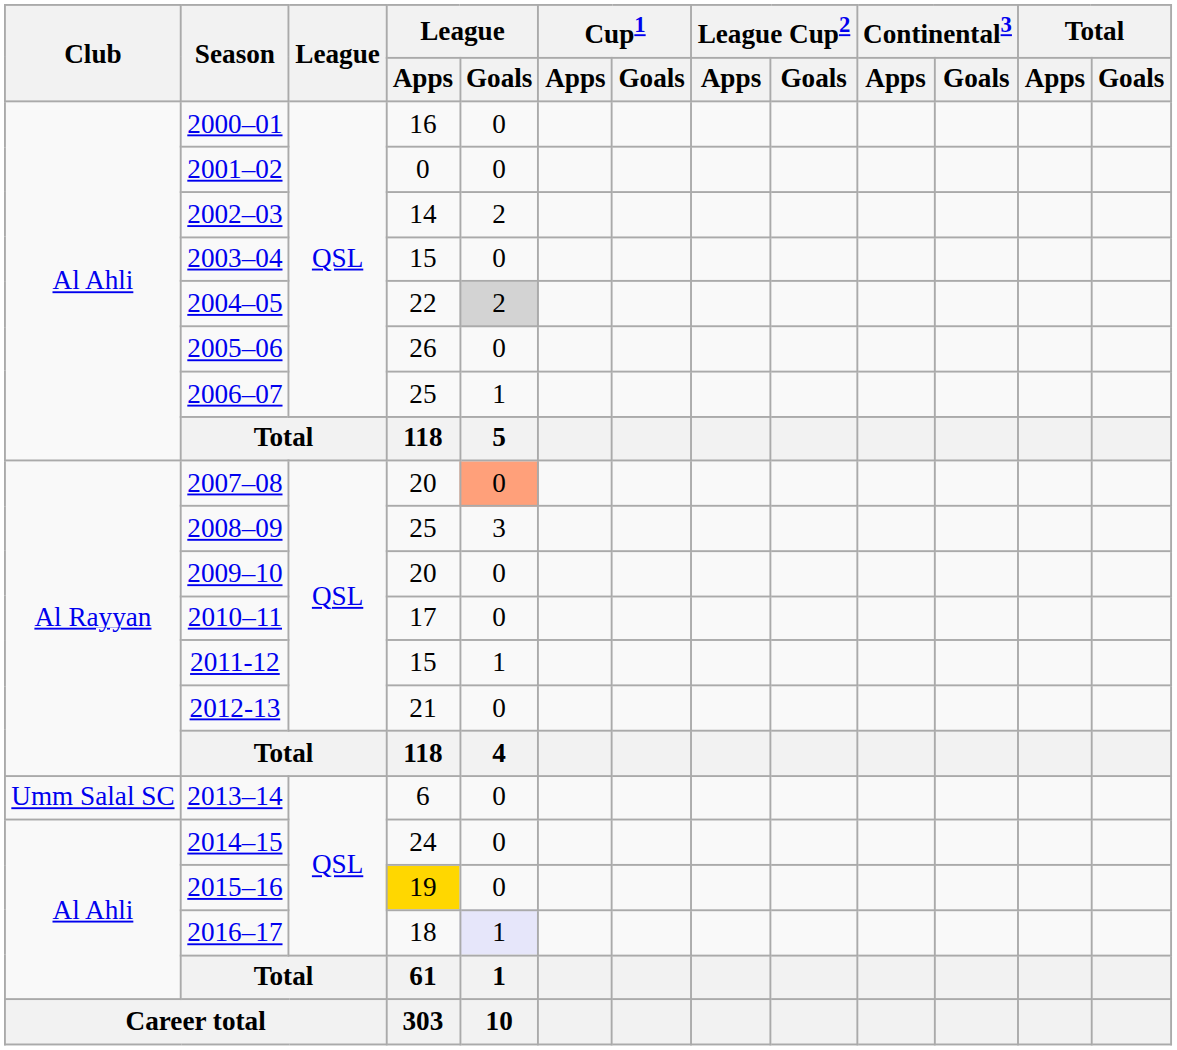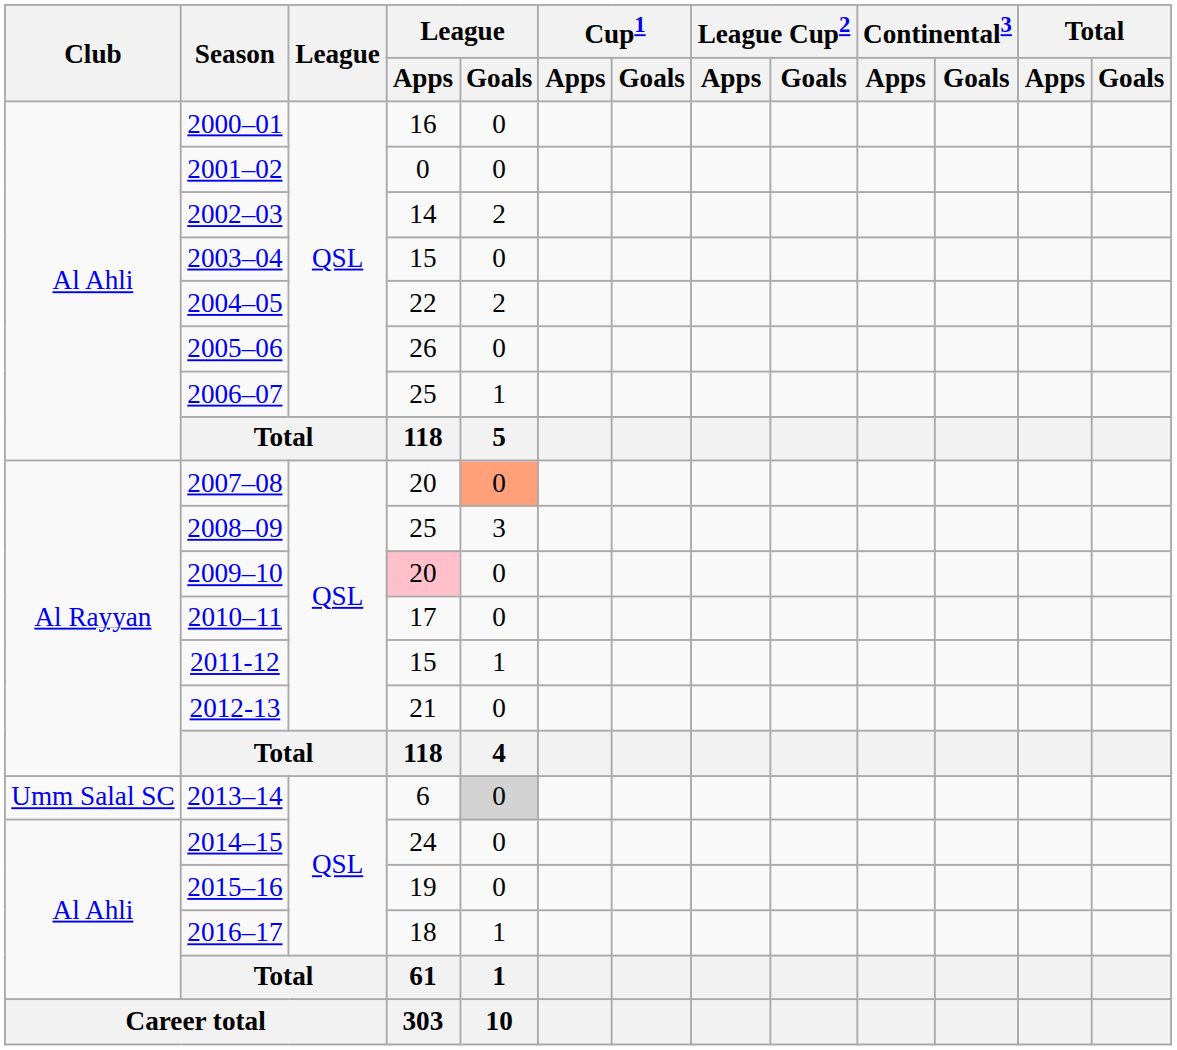 <table class="wikitable" style="font-size:90%; text-align:center;">
 <tr>
 <th rowspan="2">Club</th>
 <th rowspan="2">Season</th>
 <th rowspan="2">League</th>
 <th colspan="2">League</th>
 <th colspan="2">Cup<sup><a href='#'>1</a></sup></th>
 <th colspan="2">League Cup<sup><a href='#'>2</a></sup></th>
 <th colspan="2">Continental<sup><a href='#'>3</a></sup></th>
 <th colspan="2">Total</th>
 </tr>
 <tr>
 <th>Apps</th>
 <th>Goals</th>
 <th>Apps</th>
 <th>Goals</th>
 <th>Apps</th>
 <th>Goals</th>
 <th>Apps</th>
 <th>Goals</th>
 <th>Apps</th>
 <th>Goals</th>
 </tr>
 <tr>
 <td rowspan="8"><a href='#'>Al Ahli</a></td>
 <td><a href='#'>2000–01</a></td>
 <td rowspan="7" valign="center"><a href='#'>QSL</a></td>
 <td>16</td>
 <td>0</td>
 <td></td>
 <td></td>
 <td></td>
 <td></td>
 <td></td>
 <td></td>
 <td></td>
 <td></td>
 </tr>
 <tr>
 <td><a href='#'>2001–02</a></td>
 <td>0</td>
 <td>0</td>
 <td></td>
 <td></td>
 <td></td>
 <td></td>
 <td></td>
 <td></td>
 <td></td>
 <td></td>
 </tr>
 <tr>
 <td><a href='#'>2002–03</a></td>
 <td>14</td>
 <td>2</td>
 <td></td>
 <td></td>
 <td></td>
 <td></td>
 <td></td>
 <td></td>
 <td></td>
 <td></td>
 </tr>
 <tr>
 <td><a href='#'>2003–04</a></td>
 <td>15</td>
 <td>0</td>
 <td></td>
 <td></td>
 <td></td>
 <td></td>
 <td></td>
 <td></td>
 <td></td>
 <td></td>
 </tr>
 <tr>
 <td><a href='#'>2004–05</a></td>
 <td>22</td>
-<td style="background: lightgrey;">2</td>
+<td>2</td>
 <td></td>
 <td></td>
 <td></td>
 <td></td>
 <td></td>
 <td></td>
 <td></td>
 <td></td>
 </tr>
 <tr>
 <td><a href='#'>2005–06</a></td>
 <td>26</td>
 <td>0</td>
 <td></td>
 <td></td>
 <td></td>
 <td></td>
 <td></td>
 <td></td>
 <td></td>
 <td></td>
 </tr>
 <tr>
 <td><a href='#'>2006–07</a></td>
 <td>25</td>
 <td>1</td>
 <td></td>
 <td></td>
 <td></td>
 <td></td>
 <td></td>
 <td></td>
 <td></td>
 <td></td>
 </tr>
 <tr>
 <th colspan="2">Total</th>
 <th>118</th>
 <th>5</th>
 <th></th>
 <th></th>
 <th></th>
 <th></th>
 <th></th>
 <th></th>
 <th></th>
 <th></th>
 </tr>
 <tr>
 <td rowspan="7"><a href='#'>Al Rayyan</a></td>
 <td><a href='#'>2007–08</a></td>
 <td rowspan="6" valign="center"><a href='#'>QSL</a></td>
 <td>20</td>
 <td style="background: lightsalmon;">0</td>
 <td></td>
 <td></td>
 <td></td>
 <td></td>
 <td></td>
 <td></td>
 <td></td>
 <td></td>
 </tr>
 <tr>
 <td><a href='#'>2008–09</a></td>
 <td>25</td>
 <td>3</td>
 <td></td>
 <td></td>
 <td></td>
 <td></td>
 <td></td>
 <td></td>
 <td></td>
 <td></td>
 </tr>
 <tr>
 <td><a href='#'>2009–10</a></td>
-<td>20</td>
+<td style="background: pink;">20</td>
 <td>0</td>
 <td></td>
 <td></td>
 <td></td>
 <td></td>
 <td></td>
 <td></td>
 <td></td>
 <td></td>
 </tr>
 <tr>
 <td><a href='#'>2010–11</a></td>
 <td>17</td>
 <td>0</td>
 <td></td>
 <td></td>
 <td></td>
 <td></td>
 <td></td>
 <td></td>
 <td></td>
 <td></td>
 </tr>
 <tr>
 <td><a href='#'>2011-12</a></td>
 <td>15</td>
 <td>1</td>
 <td></td>
 <td></td>
 <td></td>
 <td></td>
 <td></td>
 <td></td>
 <td></td>
 <td></td>
 </tr>
 <tr>
 <td><a href='#'>2012-13</a></td>
 <td>21</td>
 <td>0</td>
 <td></td>
 <td></td>
 <td></td>
 <td></td>
 <td></td>
 <td></td>
 <td></td>
 <td></td>
 </tr>
 <tr>
 <th colspan="2">Total</th>
 <th>118</th>
 <th>4</th>
 <th></th>
 <th></th>
 <th></th>
 <th></th>
 <th></th>
 <th></th>
 <th></th>
 <th></th>
 </tr>
 <tr>
 <td><a href='#'>Umm Salal SC</a></td>
 <td><a href='#'>2013–14</a></td>
 <td rowspan="4" valign="center"><a href='#'>QSL</a></td>
 <td>6</td>
-<td>0</td>
+<td style="background: lightgrey;">0</td>
 <td></td>
 <td></td>
 <td></td>
 <td></td>
 <td></td>
 <td></td>
 <td></td>
 <td></td>
 </tr>
 <tr>
 <td rowspan="4"><a href='#'>Al Ahli</a></td>
 <td><a href='#'>2014–15</a></td>
 <td>24</td>
 <td>0</td>
 <td></td>
 <td></td>
 <td></td>
 <td></td>
 <td></td>
 <td></td>
 <td></td>
 <td></td>
 </tr>
 <tr>
 <td><a href='#'>2015–16</a></td>
-<td style="background: gold;">19</td>
+<td>19</td>
 <td>0</td>
 <td></td>
 <td></td>
 <td></td>
 <td></td>
 <td></td>
 <td></td>
 <td></td>
 <td></td>
 </tr>
 <tr>
 <td><a href='#'>2016–17</a></td>
 <td>18</td>
-<td style="background: lavender;">1</td>
+<td>1</td>
 <td></td>
 <td></td>
 <td></td>
 <td></td>
 <td></td>
 <td></td>
 <td></td>
 <td></td>
 </tr>
 <tr>
 <th colspan="2">Total</th>
 <th>61</th>
 <th>1</th>
 <th></th>
 <th></th>
 <th></th>
 <th></th>
 <th></th>
 <th></th>
 <th></th>
 <th></th>
 </tr>
 <tr>
 <th colspan="3">Career total</th>
 <th>303</th>
 <th>10</th>
 <th></th>
 <th></th>
 <th></th>
 <th></th>
 <th></th>
 <th></th>
 <th></th>
 <th></th>
 </tr>
 </table>
